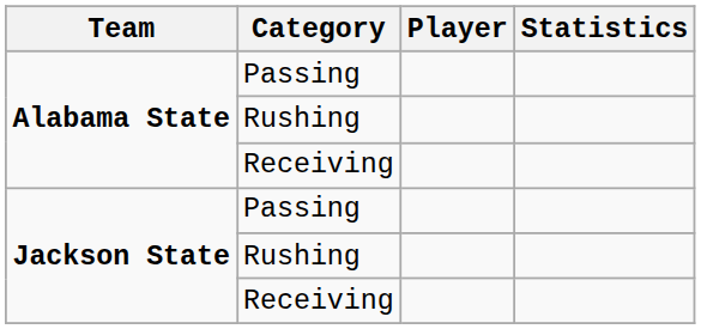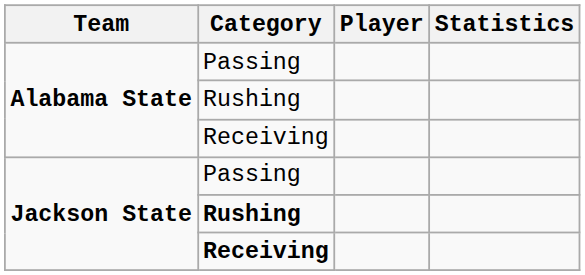 <table class="wikitable" style="float: left;">
 <tr>
 <th>Team</th>
 <th>Category</th>
 <th>Player</th>
 <th>Statistics</th>
 </tr>
 <tr>
 <td rowspan=3><strong>Alabama State</strong></td>
 <td>Passing</td>
 <td></td>
 <td> </td>
 </tr>
 <tr>
 <td>Rushing</td>
 <td></td>
 <td> </td>
 </tr>
 <tr>
 <td>Receiving</td>
 <td></td>
 <td> </td>
 </tr>
 <tr>
 <td rowspan=3><strong>Jackson State</strong></td>
 <td>Passing</td>
 <td></td>
 <td> </td>
 </tr>
 <tr>
-<td>Rushing</td>
+<td><strong>Rushing</strong></td>
 <td></td>
 <td> </td>
 </tr>
 <tr>
-<td>Receiving</td>
+<td><strong>Receiving</strong></td>
 <td></td>
 <td> </td>
 </tr>
 </table>
